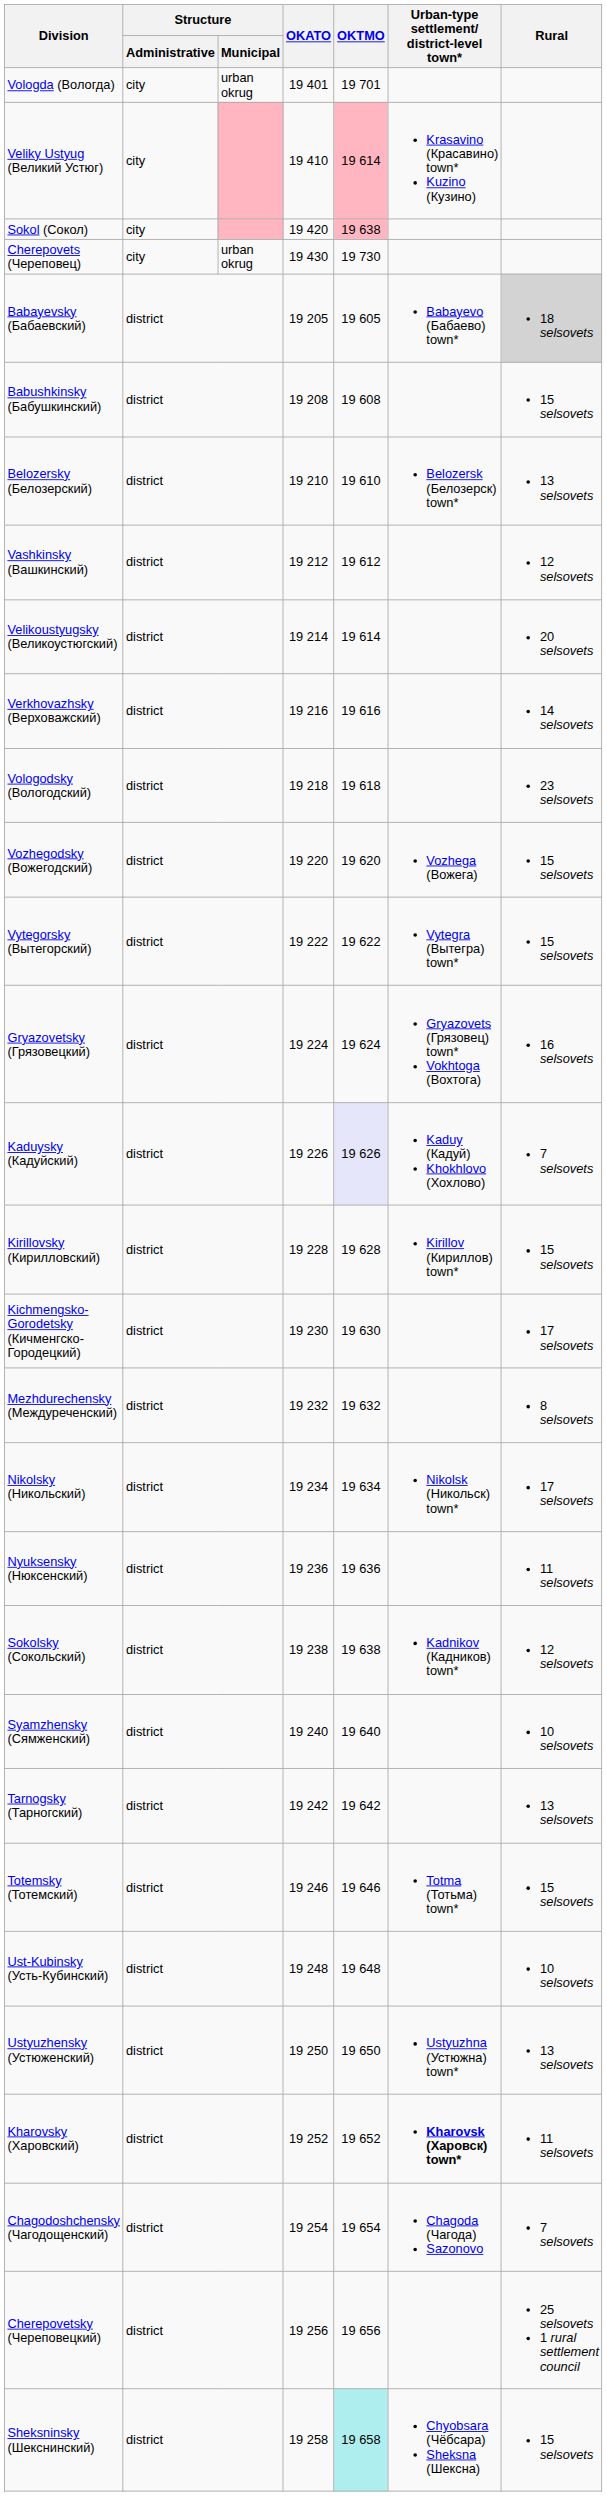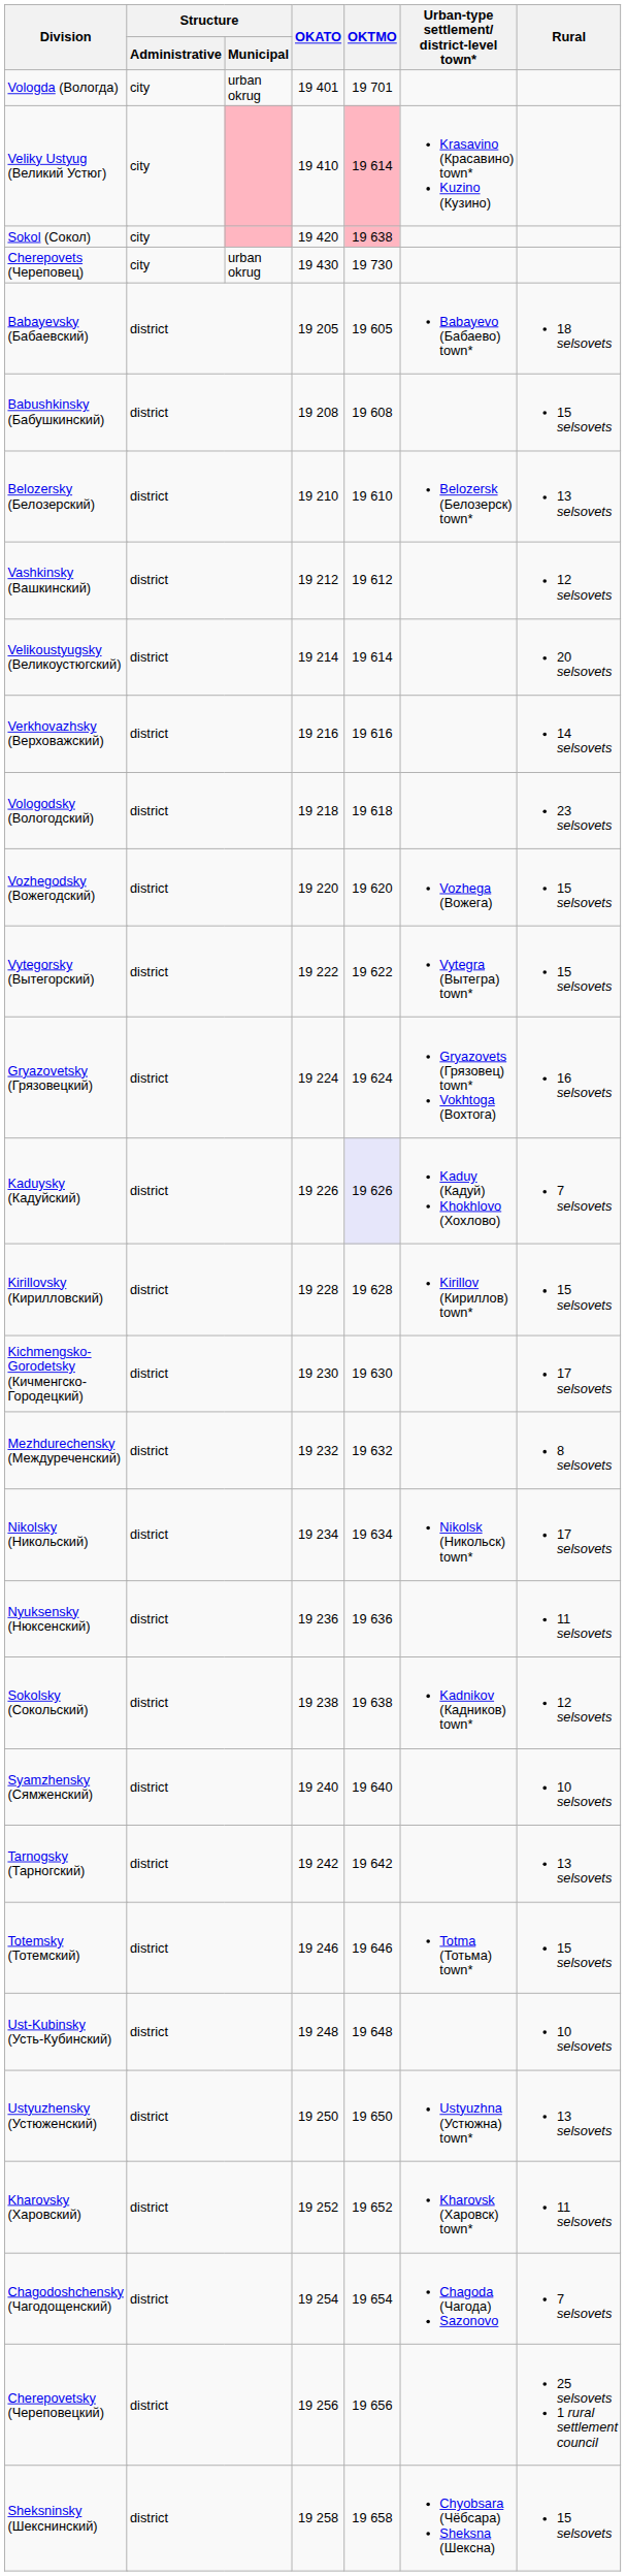 <table class="wikitable" style="padding: 24em 0; border: 1px #aaa solid; border-collapse: collapse; font-size: 90%;">
 <tr>
 <th colspan="2" rowspan="2">Division</th>
 <th colspan="2">Structure</th>
 <th rowspan="2"><a href='#'>OKATO</a></th>
 <th rowspan="2"><a href='#'>OKTMO</a></th>
 <th rowspan="2">Urban-type settlement/<br>district-level town*</th>
 <th rowspan="2">Rural</th>
 </tr>
 <tr>
 <th>Administrative</th>
 <th>Municipal</th>
 </tr>
 <tr>
 <td colspan="2"><a href='#'>Vologda</a> (Вологда)</td>
 <td>city</td>
 <td>urban okrug</td>
 <td align="center">19 401</td>
 <td align="center">19 701</td>
 <td></td>
 <td></td>
 </tr>
 <tr>
 <td colspan="2"><a href='#'>Veliky Ustyug</a> (Великий Устюг)</td>
 <td>city</td>
 <td bgcolor="lightpink"></td>
 <td align="center">19 410</td>
 <td bgcolor="lightpink" align="center">19 614</td>
 <td><br><ul><li><a href='#'>Krasavino</a> (Красавино) town*</li><li><a href='#'>Kuzino</a> (Кузино)</li></ul></td>
 <td></td>
 </tr>
 <tr>
 <td colspan="2"><a href='#'>Sokol</a> (Сокол)</td>
 <td>city</td>
 <td bgcolor="lightpink"></td>
 <td align="center">19 420</td>
 <td bgcolor="lightpink" align="center">19 638</td>
 <td></td>
 <td></td>
 </tr>
 <tr>
 <td colspan="2"><a href='#'>Cherepovets</a> (Череповец)</td>
 <td>city</td>
 <td>urban okrug</td>
 <td align="center">19 430</td>
 <td align="center">19 730</td>
 <td></td>
 <td></td>
 </tr>
 <tr>
 <td colspan="2"><a href='#'>Babayevsky</a> (Бабаевский)</td>
 <td colspan="2">district</td>
 <td align="center">19 205</td>
 <td align="center">19 605</td>
 <td><br><ul><li><a href='#'>Babayevo</a> (Бабаево) town*</li></ul></td>
-<td style="background: lightgrey;"><br><ul><li>18 <em>selsovets</em></li></ul></td>
+<td><br><ul><li>18 <em>selsovets</em></li></ul></td>
 </tr>
 <tr>
 <td colspan="2"><a href='#'>Babushkinsky</a> (Бабушкинский)</td>
 <td colspan="2">district</td>
 <td align="center">19 208</td>
 <td align="center">19 608</td>
 <td></td>
 <td><br><ul><li>15 <em>selsovets</em></li></ul></td>
 </tr>
 <tr>
 <td colspan="2"><a href='#'>Belozersky</a> (Белозерский)</td>
 <td colspan="2">district</td>
 <td align="center">19 210</td>
 <td align="center">19 610</td>
 <td><br><ul><li><a href='#'>Belozersk</a> (Белозерск) town*</li></ul></td>
 <td><br><ul><li>13 <em>selsovets</em></li></ul></td>
 </tr>
 <tr>
 <td colspan="2"><a href='#'>Vashkinsky</a> (Вашкинский)</td>
 <td colspan="2">district</td>
 <td align="center">19 212</td>
 <td align="center">19 612</td>
 <td></td>
 <td><br><ul><li>12 <em>selsovets</em></li></ul></td>
 </tr>
 <tr>
 <td colspan="2"><a href='#'>Velikoustyugsky</a> (Великоустюгский)</td>
 <td colspan="2">district</td>
 <td align="center">19 214</td>
 <td align="center">19 614</td>
 <td></td>
 <td><br><ul><li>20 <em>selsovets</em></li></ul></td>
 </tr>
 <tr>
 <td colspan="2"><a href='#'>Verkhovazhsky</a> (Верховажский)</td>
 <td colspan="2">district</td>
 <td align="center">19 216</td>
 <td align="center">19 616</td>
 <td></td>
 <td><br><ul><li>14 <em>selsovets</em></li></ul></td>
 </tr>
 <tr>
 <td colspan="2"><a href='#'>Vologodsky</a> (Вологодский)</td>
 <td colspan="2">district</td>
 <td align="center">19 218</td>
 <td align="center">19 618</td>
 <td></td>
 <td><br><ul><li>23 <em>selsovets</em></li></ul></td>
 </tr>
 <tr>
 <td colspan="2"><a href='#'>Vozhegodsky</a> (Вожегодский)</td>
 <td colspan="2">district</td>
 <td align="center">19 220</td>
 <td align="center">19 620</td>
 <td><br><ul><li><a href='#'>Vozhega</a> (Вожега)</li></ul></td>
 <td><br><ul><li>15 <em>selsovets</em></li></ul></td>
 </tr>
 <tr>
 <td colspan="2"><a href='#'>Vytegorsky</a> (Вытегорский)</td>
 <td colspan="2">district</td>
 <td align="center">19 222</td>
 <td align="center">19 622</td>
 <td><br><ul><li><a href='#'>Vytegra</a> (Вытегра) town*</li></ul></td>
 <td><br><ul><li>15 <em>selsovets</em></li></ul></td>
 </tr>
 <tr>
 <td colspan="2"><a href='#'>Gryazovetsky</a> (Грязовецкий)</td>
 <td colspan="2">district</td>
 <td align="center">19 224</td>
 <td align="center">19 624</td>
 <td><br><ul><li><a href='#'>Gryazovets</a> (Грязовец) town*</li><li><a href='#'>Vokhtoga</a> (Вохтога)</li></ul></td>
 <td><br><ul><li>16 <em>selsovets</em></li></ul></td>
 </tr>
 <tr>
 <td colspan="2"><a href='#'>Kaduysky</a> (Кадуйский)</td>
 <td colspan="2">district</td>
 <td align="center">19 226</td>
 <td align="center" style="background: lavender;">19 626</td>
 <td><br><ul><li><a href='#'>Kaduy</a> (Кадуй)</li><li><a href='#'>Khokhlovo</a> (Хохлово)</li></ul></td>
 <td><br><ul><li>7 <em>selsovets</em></li></ul></td>
 </tr>
 <tr>
 <td colspan="2"><a href='#'>Kirillovsky</a> (Кирилловский)</td>
 <td colspan="2">district</td>
 <td align="center">19 228</td>
 <td align="center">19 628</td>
 <td><br><ul><li><a href='#'>Kirillov</a> (Кириллов) town*</li></ul></td>
 <td><br><ul><li>15 <em>selsovets</em></li></ul></td>
 </tr>
 <tr>
 <td colspan="2"><a href='#'>Kichmengsko-Gorodetsky</a> (Кичменгско-Городецкий)</td>
 <td colspan="2">district</td>
 <td align="center">19 230</td>
 <td align="center">19 630</td>
 <td></td>
 <td><br><ul><li>17 <em>selsovets</em></li></ul></td>
 </tr>
 <tr>
 <td colspan="2"><a href='#'>Mezhdurechensky</a> (Междуреченский)</td>
 <td colspan="2">district</td>
 <td align="center">19 232</td>
 <td align="center">19 632</td>
 <td></td>
 <td><br><ul><li>8 <em>selsovets</em></li></ul></td>
 </tr>
 <tr>
 <td colspan="2"><a href='#'>Nikolsky</a> (Никольский)</td>
 <td colspan="2">district</td>
 <td align="center">19 234</td>
 <td align="center">19 634</td>
 <td><br><ul><li><a href='#'>Nikolsk</a> (Никольск) town*</li></ul></td>
 <td><br><ul><li>17 <em>selsovets</em></li></ul></td>
 </tr>
 <tr>
 <td colspan="2"><a href='#'>Nyuksensky</a> (Нюксенский)</td>
 <td colspan="2">district</td>
 <td align="center">19 236</td>
 <td align="center">19 636</td>
 <td></td>
 <td><br><ul><li>11 <em>selsovets</em></li></ul></td>
 </tr>
 <tr>
 <td colspan="2"><a href='#'>Sokolsky</a> (Сокольский)</td>
 <td colspan="2">district</td>
 <td align="center">19 238</td>
 <td align="center">19 638</td>
 <td><br><ul><li><a href='#'>Kadnikov</a> (Кадников) town*</li></ul></td>
 <td><br><ul><li>12 <em>selsovets</em></li></ul></td>
 </tr>
 <tr>
 <td colspan="2"><a href='#'>Syamzhensky</a> (Сямженский)</td>
 <td colspan="2">district</td>
 <td align="center">19 240</td>
 <td align="center">19 640</td>
 <td></td>
 <td><br><ul><li>10 <em>selsovets</em></li></ul></td>
 </tr>
 <tr>
 <td colspan="2"><a href='#'>Tarnogsky</a> (Тарногский)</td>
 <td colspan="2">district</td>
 <td align="center">19 242</td>
 <td align="center">19 642</td>
 <td></td>
 <td><br><ul><li>13 <em>selsovets</em></li></ul></td>
 </tr>
 <tr>
 <td colspan="2"><a href='#'>Totemsky</a> (Тотемский)</td>
 <td colspan="2">district</td>
 <td align="center">19 246</td>
 <td align="center">19 646</td>
 <td><br><ul><li><a href='#'>Totma</a> (Тотьма) town*</li></ul></td>
 <td><br><ul><li>15 <em>selsovets</em></li></ul></td>
 </tr>
 <tr>
 <td colspan="2"><a href='#'>Ust-Kubinsky</a> (Усть-Кубинский)</td>
 <td colspan="2">district</td>
 <td align="center">19 248</td>
 <td align="center">19 648</td>
 <td></td>
 <td><br><ul><li>10 <em>selsovets</em></li></ul></td>
 </tr>
 <tr>
 <td colspan="2"><a href='#'>Ustyuzhensky</a> (Устюженский)</td>
 <td colspan="2">district</td>
 <td align="center">19 250</td>
 <td align="center">19 650</td>
 <td><br><ul><li><a href='#'>Ustyuzhna</a> (Устюжна) town*</li></ul></td>
 <td><br><ul><li>13 <em>selsovets</em></li></ul></td>
 </tr>
 <tr>
 <td colspan="2"><a href='#'>Kharovsky</a> (Харовский)</td>
 <td colspan="2">district</td>
 <td align="center">19 252</td>
 <td align="center">19 652</td>
-<td><strong><br><ul><li><a href='#'>Kharovsk</a> (Харовск) town*</li></ul></strong></td>
+<td><br><ul><li><a href='#'>Kharovsk</a> (Харовск) town*</li></ul></td>
 <td><br><ul><li>11 <em>selsovets</em></li></ul></td>
 </tr>
 <tr>
 <td colspan="2"><a href='#'>Chagodoshchensky</a> (Чагодощенский)</td>
 <td colspan="2">district</td>
 <td align="center">19 254</td>
 <td align="center">19 654</td>
 <td><br><ul><li><a href='#'>Chagoda</a> (Чагода)</li><li><a href='#'>Sazonovo</a></li></ul></td>
 <td><br><ul><li>7 <em>selsovets</em></li></ul></td>
 </tr>
 <tr>
 <td colspan="2"><a href='#'>Cherepovetsky</a> (Череповецкий)</td>
 <td colspan="2">district</td>
 <td align="center">19 256</td>
 <td align="center">19 656</td>
 <td></td>
 <td><br><ul><li>25 <em>selsovets</em></li><li>1 <em>rural settlement council</em></li></ul></td>
 </tr>
 <tr>
 <td colspan="2"><a href='#'>Sheksninsky</a> (Шекснинский)</td>
 <td colspan="2">district</td>
 <td align="center">19 258</td>
-<td align="center" style="background: paleturquoise;">19 658</td>
+<td align="center">19 658</td>
 <td><br><ul><li><a href='#'>Chyobsara</a> (Чёбсара)</li><li><a href='#'>Sheksna</a> (Шексна)</li></ul></td>
 <td><br><ul><li>15 <em>selsovets</em></li></ul></td>
 </tr>
 </table>
